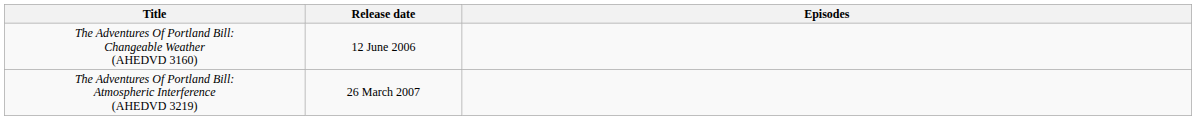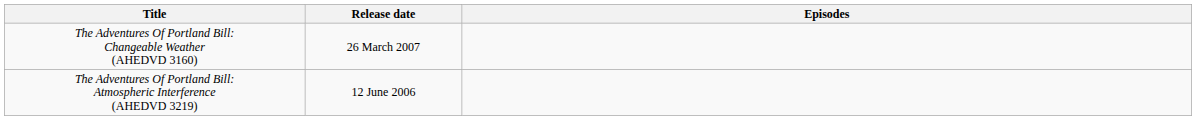 <table class="wikitable" style="text-align:center; width:100%;">
 <tr>
 <th width="21%">Title</th>
 <th style="width:11%;">Release date</th>
 <th width="51%">Episodes</th>
 </tr>
 <tr>
 <td><em>The Adventures Of Portland Bill:<br>Changeable Weather</em><br>(AHEDVD 3160)</td>
-<td>12 June 2006</td>
+<td>26 March 2007</td>
 <td></td>
 </tr>
 <tr>
 <td><em>The Adventures Of Portland Bill:<br>Atmospheric Interference</em><br>(AHEDVD 3219)</td>
-<td>26 March 2007</td>
+<td>12 June 2006</td>
 <td></td>
 </tr>
 </table>
